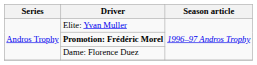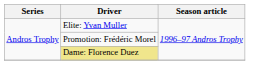 <table class="wikitable" style="font-size: 87%;">
 <tr>
 <th>Series</th>
 <th>Driver</th>
 <th>Season article</th>
 </tr>
 <tr>
 <td rowspan=3><a href='#'>Andros Trophy</a></td>
 <td>Elite:  <a href='#'>Yvan Muller</a></td>
 <td rowspan=3><em><a href='#'>1996–97 Andros Trophy</a></em></td>
 </tr>
 <tr>
-<td><strong>Promotion:  Frédéric Morel</strong></td>
+<td>Promotion:  Frédéric Morel</td>
 </tr>
 <tr>
-<td>Dame:  Florence Duez</td>
+<td style="background: khaki;">Dame:  Florence Duez</td>
 </tr>
 <tr>
 </tr>
 </table>
